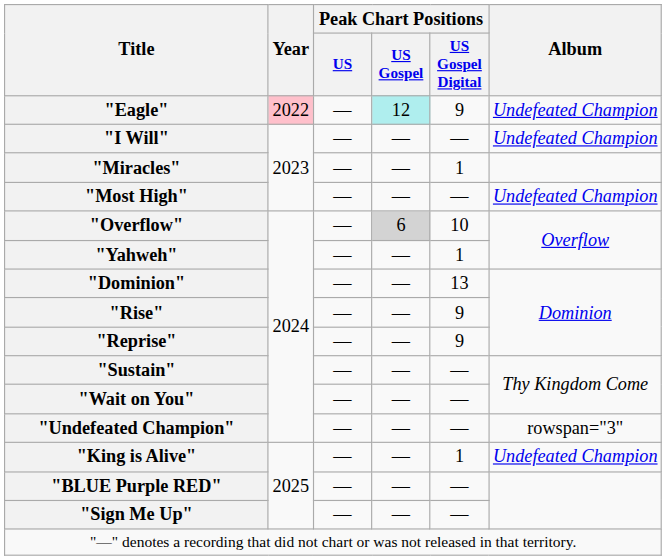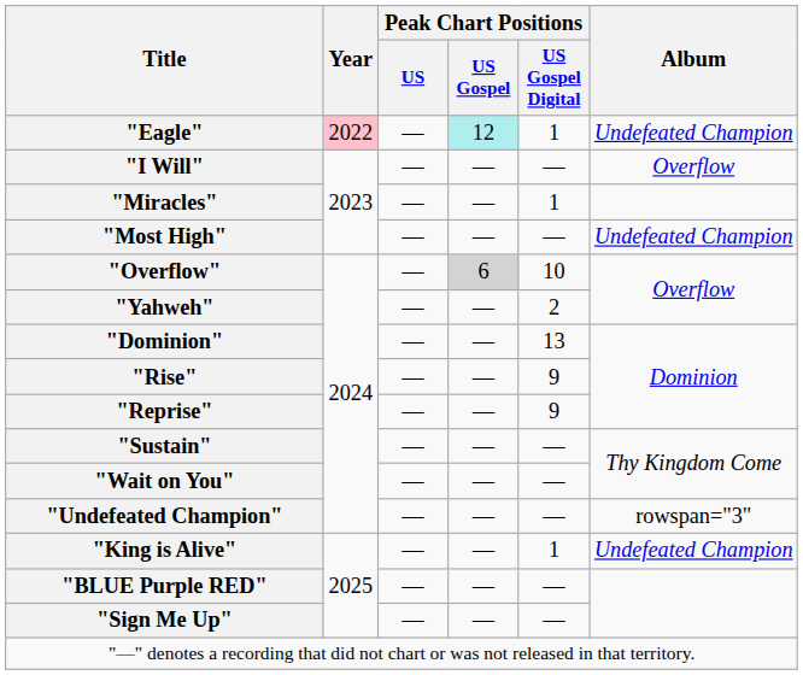 <table class="wikitable plainrowheaders" style="text-align:center;">
 <tr>
 <th rowspan="2" scope="col" style="width:14em;">Title</th>
 <th rowspan="2">Year</th>
 <th colspan="3">Peak Chart Positions</th>
 <th rowspan="2">Album</th>
 </tr>
 <tr style="font-size:smaller;">
 <th scope="col" width="45"><a href='#'>US</a><br></th>
 <th scope="col" width="45"><a href='#'>US<br>Gospel</a><br></th>
 <th scope="col" width="45"><a href='#'>US<br>Gospel<br>Digital</a><br></th>
 </tr>
 <tr>
 <th scope="row">"Eagle"<br></th>
 <td style="background: pink;">2022</td>
 <td>—</td>
 <td style="background: paleturquoise;">12</td>
-<td>9</td>
+<td>1</td>
 <td><em><a href='#'>Undefeated Champion</a></em></td>
 </tr>
 <tr>
 <th scope="row">"I Will"</th>
 <td rowspan="3">2023</td>
 <td>—</td>
 <td>—</td>
 <td>—</td>
-<td><em><a href='#'>Undefeated Champion</a></em></td>
+<td><em><a href='#'>Overflow</a></em></td>
 </tr>
 <tr>
 <th scope="row">"Miracles"</th>
 <td>—</td>
 <td>—</td>
 <td>1</td>
 <td></td>
 </tr>
 <tr>
 <th scope="row">"Most High"</th>
 <td>—</td>
 <td>—</td>
 <td>—</td>
 <td><em><a href='#'>Undefeated Champion</a></em></td>
 </tr>
 <tr>
 <th scope="row">"Overflow"<br></th>
 <td rowspan="8">2024</td>
 <td>—</td>
 <td style="background: lightgrey;">6</td>
 <td>10</td>
 <td rowspan="2"><em><a href='#'>Overflow</a></em></td>
 </tr>
 <tr>
 <th scope="row">"Yahweh"<br></th>
 <td>—</td>
 <td>—</td>
-<td>1</td>
+<td>2</td>
 </tr>
 <tr>
 <th scope="row">"Dominion"<br></th>
 <td>—</td>
 <td>—</td>
 <td>13</td>
 <td rowspan="3"><em><a href='#'>Dominion</a></em></td>
 </tr>
 <tr>
 <th scope="row">"Rise"<br></th>
 <td>—</td>
 <td>—</td>
 <td>9</td>
 </tr>
 <tr>
 <th scope="row">"Reprise"<br></th>
 <td>—</td>
 <td>—</td>
 <td>9</td>
 </tr>
 <tr>
 <th scope="row">"Sustain"<br></th>
 <td>—</td>
 <td>—</td>
 <td>—</td>
 <td rowspan="2"><em>Thy Kingdom Come</em></td>
 </tr>
 <tr>
 <th scope="row">"Wait on You"<br></th>
 <td>—</td>
 <td>—</td>
 <td>—</td>
 </tr>
 <tr>
 <th scope="row">"Undefeated Champion"<br></th>
 <td>—</td>
 <td>—</td>
 <td>—</td>
 <td>rowspan="3" </td>
 </tr>
 <tr>
 <th scope="row">"King is Alive"<br></th>
 <td rowspan="3">2025</td>
 <td>—</td>
 <td>—</td>
 <td>1</td>
 <td><em><a href='#'>Undefeated Champion</a></em></td>
 </tr>
 <tr>
 <th scope="row">"BLUE Purple RED"<br></th>
 <td>—</td>
 <td>—</td>
 <td>—</td>
 </tr>
 <tr>
 <th scope="row">"Sign Me Up"<br></th>
 <td>—</td>
 <td>—</td>
 <td>—</td>
 </tr>
 <tr>
 <td colspan="10" style="font-size:85%">"—" denotes a recording that did not chart or was not released in that territory.</td>
 </tr>
 </table>
